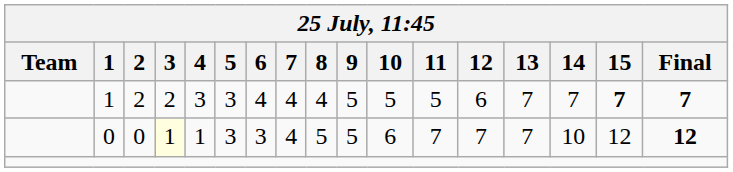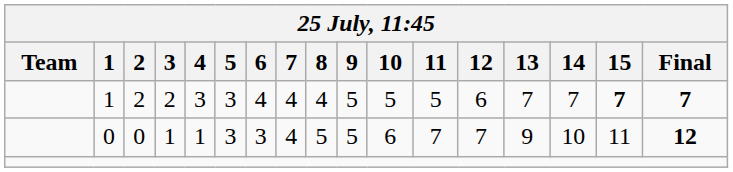 <table class=wikitable style="text-align:center; width: 55%">
 <tr>
 <th colspan=17><em>25 July, 11:45</em></th>
 </tr>
 <tr>
 <th>Team</th>
 <th>1</th>
 <th>2</th>
 <th>3</th>
 <th>4</th>
 <th>5</th>
 <th>6</th>
 <th>7</th>
 <th>8</th>
 <th>9</th>
 <th>10</th>
 <th>11</th>
 <th>12</th>
 <th>13</th>
 <th>14</th>
 <th>15</th>
 <th>Final</th>
 </tr>
 <tr>
 <td align=left></td>
 <td>1</td>
 <td>2</td>
 <td>2</td>
 <td>3</td>
 <td>3</td>
 <td>4</td>
 <td>4</td>
 <td>4</td>
 <td>5</td>
 <td>5</td>
 <td>5</td>
 <td>6</td>
 <td>7</td>
 <td>7</td>
 <td><strong>7</strong></td>
 <td><strong>7</strong></td>
 </tr>
 <tr>
 <td align=left><strong></strong></td>
 <td>0</td>
 <td>0</td>
-<td style="background: lightyellow;">1</td>
+<td>1</td>
 <td>1</td>
 <td>3</td>
 <td>3</td>
 <td>4</td>
 <td>5</td>
 <td>5</td>
 <td>6</td>
 <td>7</td>
 <td>7</td>
-<td>7</td>
+<td>9</td>
 <td>10</td>
-<td>12</td>
+<td>11</td>
 <td><strong>12</strong></td>
 </tr>
 <tr>
 <td colspan=17></td>
 </tr>
 </table>
